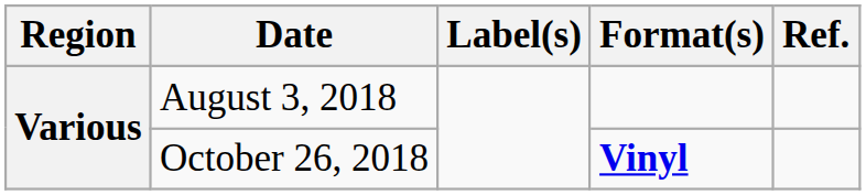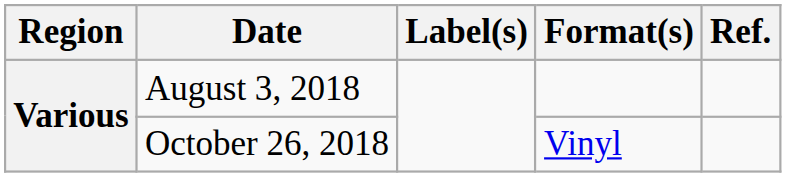 <table class="wikitable plainrowheaders">
 <tr>
 <th scope="col">Region</th>
 <th scope="col">Date</th>
 <th scope="col">Label(s)</th>
 <th scope="col">Format(s)</th>
 <th scope="col">Ref.</th>
 </tr>
 <tr>
 <th scope="row" rowspan="2">Various</th>
 <td>August 3, 2018</td>
 <td rowspan="2"></td>
 <td></td>
 <td></td>
 </tr>
 <tr>
 <td>October 26, 2018</td>
-<td><strong><a href='#'>Vinyl</a></strong></td>
+<td><a href='#'>Vinyl</a></td>
 <td></td>
 </tr>
 </table>
